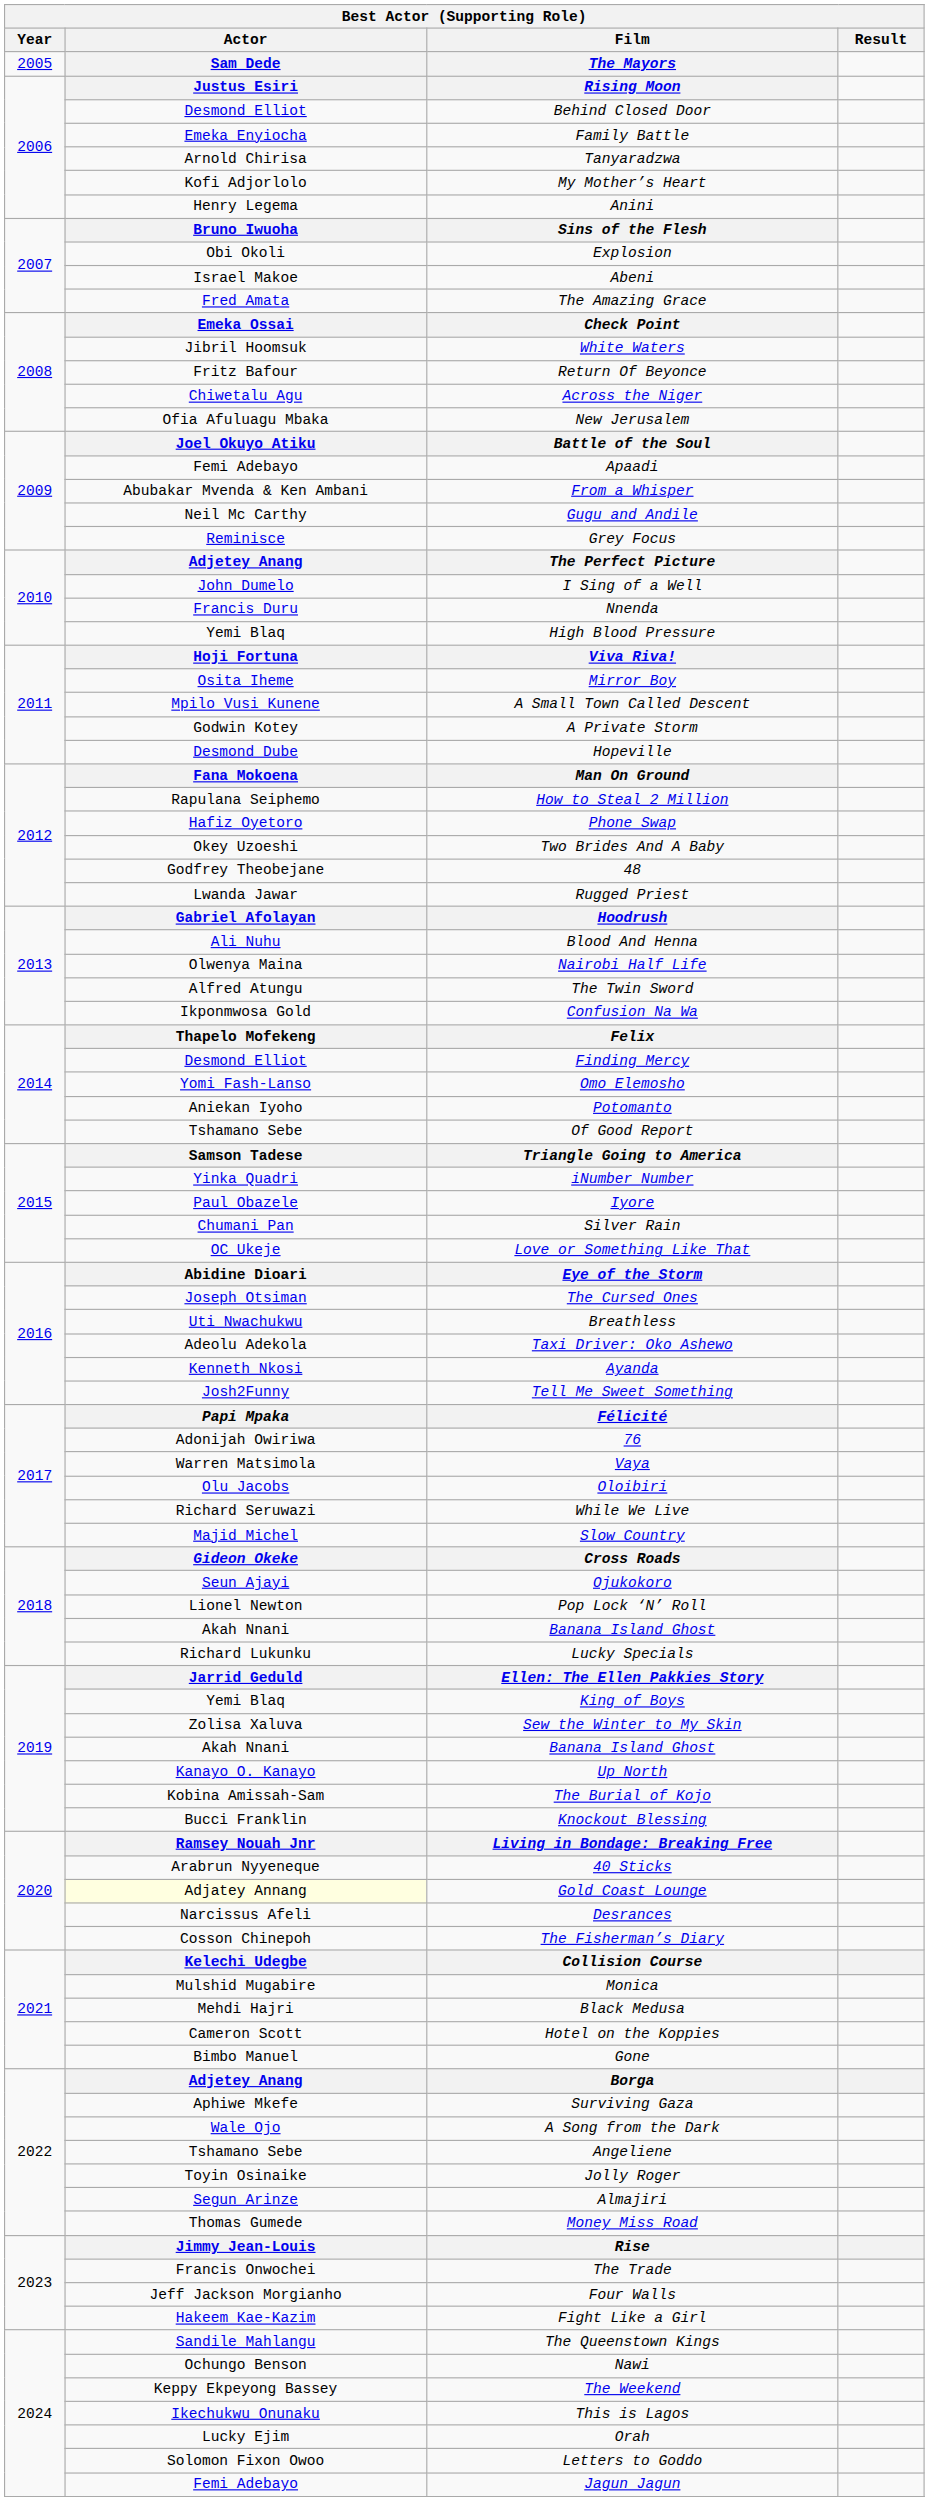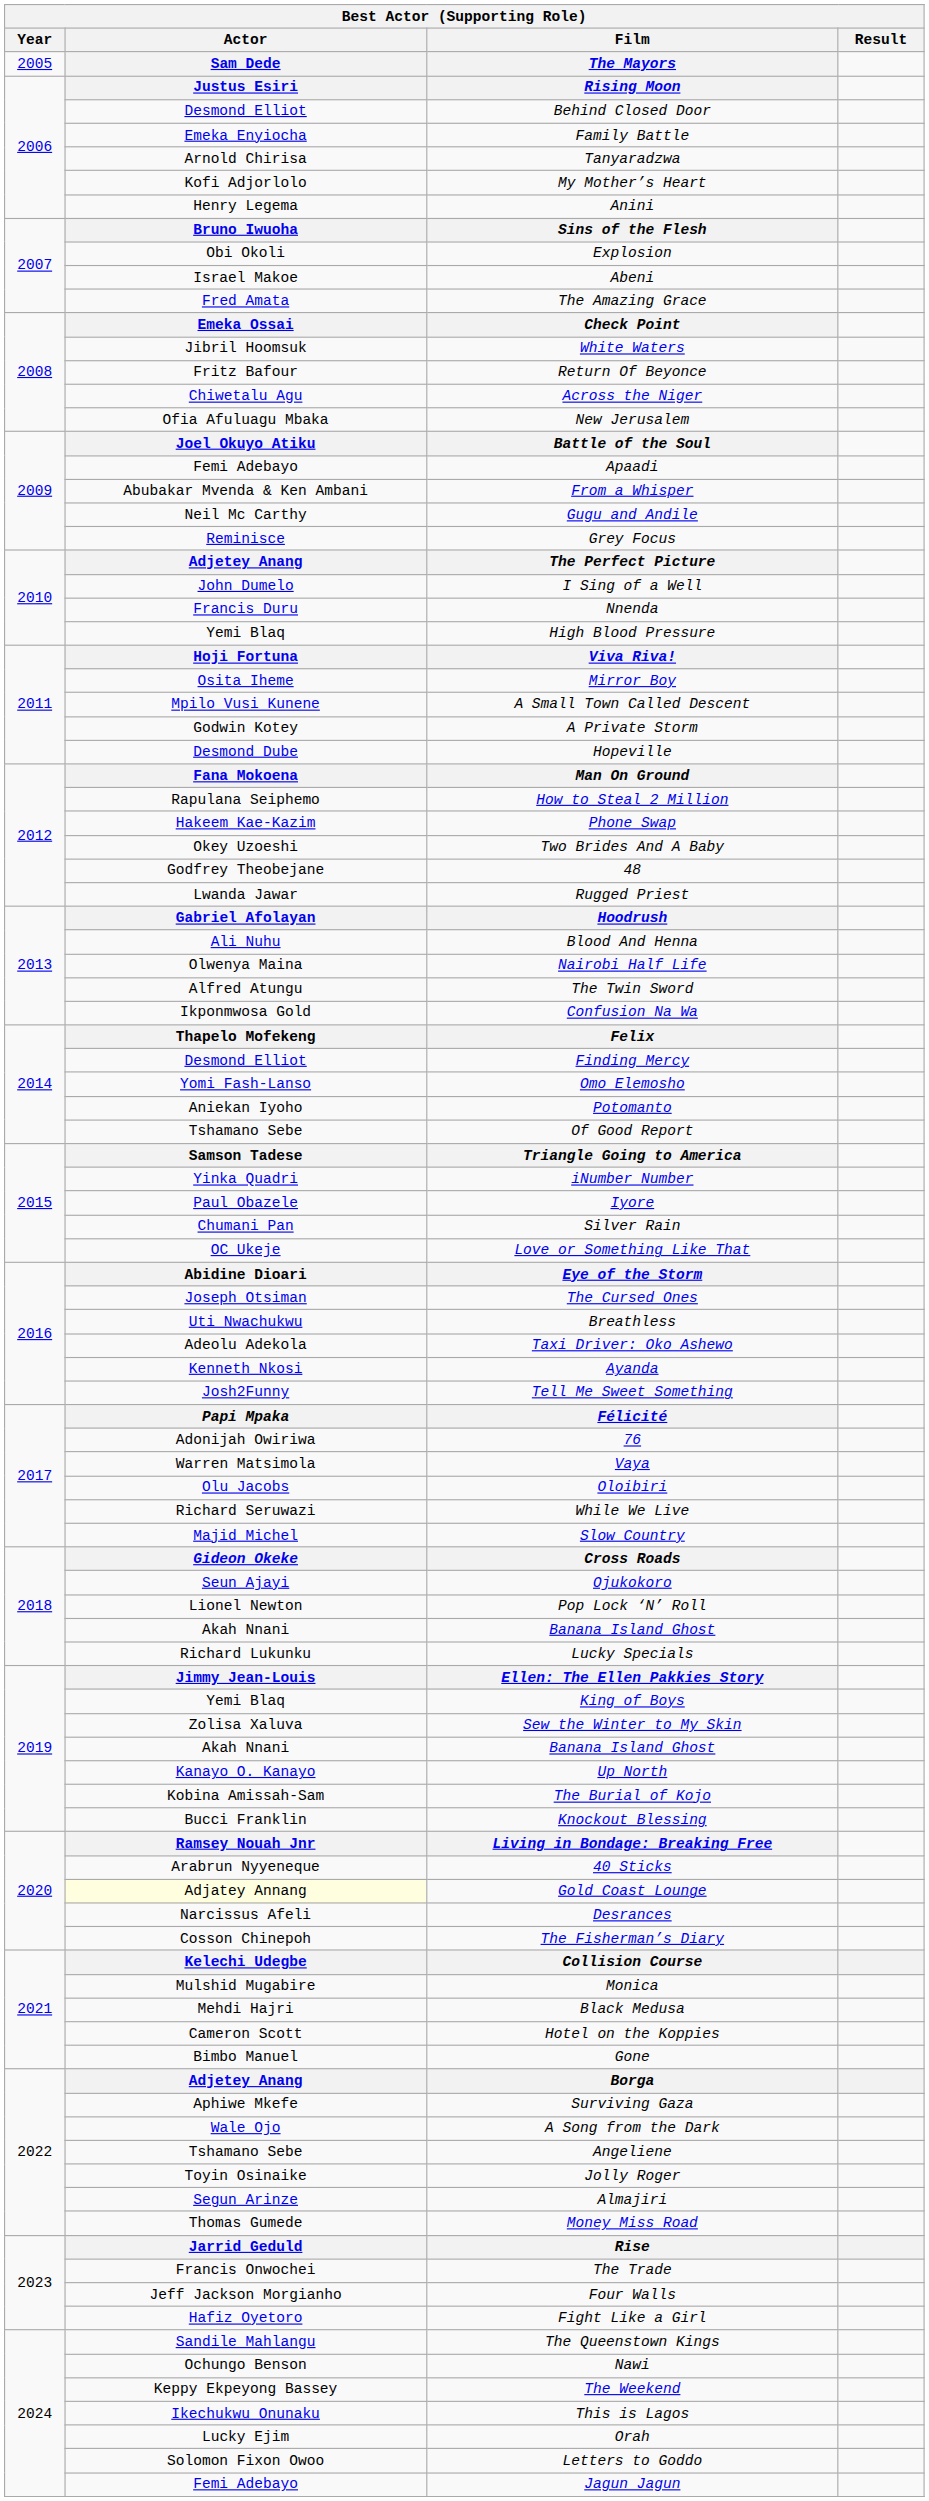 <table class=wikitable style="text-align:center" width="65%">
 <tr>
 <th colspan="4">Best Actor (Supporting Role)</th>
 </tr>
 <tr>
 <th>Year</th>
 <th>Actor</th>
 <th>Film</th>
 <th>Result</th>
 </tr>
 <tr>
 <td rowspan="1"><a href='#'>2005</a></td>
 <th><a href='#'>Sam Dede</a></th>
 <th><em><a href='#'>The Mayors</a></em></th>
 <td></td>
 </tr>
 <tr>
 <td rowspan="6"><a href='#'>2006</a></td>
 <th><a href='#'>Justus Esiri</a></th>
 <th><em><a href='#'>Rising Moon</a></em></th>
 <td></td>
 </tr>
 <tr>
 <td><a href='#'>Desmond Elliot</a></td>
 <td><em>Behind Closed Door</em></td>
 <td></td>
 </tr>
 <tr>
 <td><a href='#'>Emeka Enyiocha</a></td>
 <td><em>Family Battle</em></td>
 <td></td>
 </tr>
 <tr>
 <td>Arnold Chirisa</td>
 <td><em>Tanyaradzwa</em></td>
 <td></td>
 </tr>
 <tr>
 <td>Kofi Adjorlolo</td>
 <td><em>My Mother’s Heart</em></td>
 <td></td>
 </tr>
 <tr>
 <td>Henry Legema</td>
 <td><em>Anini</em></td>
 <td></td>
 </tr>
 <tr>
 <td rowspan="4"><a href='#'>2007</a></td>
 <th><a href='#'>Bruno Iwuoha</a></th>
 <th><em>Sins of the Flesh</em></th>
 <td></td>
 </tr>
 <tr>
 <td>Obi Okoli</td>
 <td><em>Explosion</em></td>
 <td></td>
 </tr>
 <tr>
 <td>Israel Makoe</td>
 <td><em>Abeni</em></td>
 <td></td>
 </tr>
 <tr>
 <td><a href='#'>Fred Amata</a></td>
 <td><em>The Amazing Grace</em></td>
 <td></td>
 </tr>
 <tr>
 <td rowspan="5"><a href='#'>2008</a></td>
 <th><a href='#'>Emeka Ossai</a></th>
 <th><em>Check Point</em></th>
 <td></td>
 </tr>
 <tr>
 <td>Jibril Hoomsuk</td>
 <td><em><a href='#'>White Waters</a></em></td>
 <td></td>
 </tr>
 <tr>
 <td>Fritz Bafour</td>
 <td><em>Return Of Beyonce</em></td>
 <td></td>
 </tr>
 <tr>
 <td><a href='#'>Chiwetalu Agu</a></td>
 <td><em><a href='#'>Across the Niger</a></em></td>
 <td></td>
 </tr>
 <tr>
 <td>Ofia Afuluagu Mbaka</td>
 <td><em>New Jerusalem</em></td>
 <td></td>
 </tr>
 <tr>
 <td rowspan="5"><a href='#'>2009</a></td>
 <th><a href='#'>Joel Okuyo Atiku</a></th>
 <th><em>Battle of the Soul</em></th>
 <td></td>
 </tr>
 <tr>
 <td>Femi Adebayo</td>
 <td><em>Apaadi</em></td>
 <td></td>
 </tr>
 <tr>
 <td>Abubakar Mvenda & Ken Ambani</td>
 <td><em><a href='#'>From a Whisper</a></em></td>
 <td></td>
 </tr>
 <tr>
 <td>Neil Mc Carthy</td>
 <td><em><a href='#'>Gugu and Andile</a></em></td>
 <td></td>
 </tr>
 <tr>
 <td><a href='#'>Reminisce</a></td>
 <td><em>Grey Focus</em></td>
 <td></td>
 </tr>
 <tr>
 <td rowspan="4"><a href='#'>2010</a></td>
 <th><a href='#'>Adjetey Anang</a></th>
 <th><em>The Perfect Picture</em></th>
 <td></td>
 </tr>
 <tr>
 <td><a href='#'>John Dumelo</a></td>
 <td><em>I Sing of a Well</em></td>
 <td></td>
 </tr>
 <tr>
 <td><a href='#'>Francis Duru</a></td>
 <td><em>Nnenda</em></td>
 <td></td>
 </tr>
 <tr>
 <td>Yemi Blaq</td>
 <td><em>High Blood Pressure</em></td>
 <td></td>
 </tr>
 <tr>
 <td rowspan="5"><a href='#'>2011</a></td>
 <th><a href='#'>Hoji Fortuna</a></th>
 <th><em><a href='#'>Viva Riva!</a></em></th>
 <td></td>
 </tr>
 <tr>
 <td><a href='#'>Osita Iheme</a></td>
 <td><em><a href='#'>Mirror Boy</a></em></td>
 <td></td>
 </tr>
 <tr>
 <td><a href='#'>Mpilo Vusi Kunene</a></td>
 <td><em>A Small Town Called Descent</em></td>
 <td></td>
 </tr>
 <tr>
 <td>Godwin Kotey</td>
 <td><em>A Private Storm</em></td>
 <td></td>
 </tr>
 <tr>
 <td><a href='#'>Desmond Dube</a></td>
 <td><em>Hopeville</em></td>
 <td></td>
 </tr>
 <tr>
 <td rowspan="6"><a href='#'>2012</a></td>
 <th><a href='#'>Fana Mokoena</a></th>
 <th><em>Man On Ground</em></th>
 <td></td>
 </tr>
 <tr>
 <td>Rapulana Seiphemo</td>
 <td><em><a href='#'>How to Steal 2 Million</a></em></td>
 <td></td>
 </tr>
 <tr>
-<td><a href='#'>Hafiz Oyetoro</a></td>
+<td><a href='#'>Hakeem Kae-Kazim</a></td>
 <td><em><a href='#'>Phone Swap</a></em></td>
 <td></td>
 </tr>
 <tr>
 <td>Okey Uzoeshi</td>
 <td><em>Two Brides And A Baby</em></td>
 <td></td>
 </tr>
 <tr>
 <td>Godfrey Theobejane</td>
 <td><em>48</em></td>
 <td></td>
 </tr>
 <tr>
 <td>Lwanda Jawar</td>
 <td><em>Rugged Priest</em></td>
 <td></td>
 </tr>
 <tr>
 <td rowspan="5"><a href='#'>2013</a></td>
 <th><a href='#'>Gabriel Afolayan</a></th>
 <th><em><a href='#'>Hoodrush</a></em></th>
 <td></td>
 </tr>
 <tr>
 <td><a href='#'>Ali Nuhu</a></td>
 <td><em>Blood And Henna</em></td>
 <td></td>
 </tr>
 <tr>
 <td>Olwenya Maina</td>
 <td><em><a href='#'>Nairobi Half Life</a></em></td>
 <td></td>
 </tr>
 <tr>
 <td>Alfred Atungu</td>
 <td><em>The Twin Sword</em></td>
 <td></td>
 </tr>
 <tr>
 <td>Ikponmwosa Gold</td>
 <td><em><a href='#'>Confusion Na Wa</a></em></td>
 <td></td>
 </tr>
 <tr>
 <td rowspan="5"><a href='#'>2014</a></td>
 <th>Thapelo Mofekeng</th>
 <th><em>Felix</em></th>
 <td></td>
 </tr>
 <tr>
 <td><a href='#'>Desmond Elliot</a></td>
 <td><em><a href='#'>Finding Mercy</a></em></td>
 <td></td>
 </tr>
 <tr>
 <td><a href='#'>Yomi Fash-Lanso</a></td>
 <td><em><a href='#'>Omo Elemosho</a></em></td>
 <td></td>
 </tr>
 <tr>
 <td>Aniekan Iyoho</td>
 <td><em><a href='#'>Potomanto</a></em></td>
 <td></td>
 </tr>
 <tr>
 <td>Tshamano Sebe</td>
 <td><em>Of Good Report</em></td>
 <td></td>
 </tr>
 <tr>
 <td rowspan="5"><a href='#'>2015</a></td>
 <th>Samson Tadese</th>
 <th><em>Triangle Going to America</em></th>
 <td></td>
 </tr>
 <tr>
 <td><a href='#'>Yinka Quadri</a></td>
 <td><em><a href='#'>iNumber Number</a></em></td>
 <td></td>
 </tr>
 <tr>
 <td><a href='#'>Paul Obazele</a></td>
 <td><em><a href='#'>Iyore</a></em></td>
 <td></td>
 </tr>
 <tr>
 <td><a href='#'>Chumani Pan</a></td>
 <td><em>Silver Rain</em></td>
 <td></td>
 </tr>
 <tr>
 <td><a href='#'>OC Ukeje</a></td>
 <td><em><a href='#'>Love or Something Like That</a></em></td>
 <td></td>
 </tr>
 <tr>
 <td rowspan="6"><a href='#'>2016</a></td>
 <th>Abidine Dioari</th>
 <th><em><a href='#'>Eye of the Storm</a></em></th>
 <td></td>
 </tr>
 <tr>
 <td><a href='#'>Joseph Otsiman</a></td>
 <td><em><a href='#'>The Cursed Ones</a></em></td>
 <td></td>
 </tr>
 <tr>
 <td><a href='#'>Uti Nwachukwu</a></td>
 <td><em>Breathless</em></td>
 <td></td>
 </tr>
 <tr>
 <td>Adeolu Adekola</td>
 <td><em><a href='#'>Taxi Driver: Oko Ashewo</a></em></td>
 <td></td>
 </tr>
 <tr>
 <td><a href='#'>Kenneth Nkosi</a></td>
 <td><em><a href='#'>Ayanda</a></em></td>
 <td></td>
 </tr>
 <tr>
 <td><a href='#'>Josh2Funny</a></td>
 <td><em><a href='#'>Tell Me Sweet Something</a></em></td>
 <td></td>
 </tr>
 <tr>
 <td rowspan="6"><a href='#'>2017</a></td>
 <th><strong><em>Papi Mpaka</em></strong></th>
 <th><em><a href='#'>Félicité</a></em></th>
 <td></td>
 </tr>
 <tr>
 <td>Adonijah Owiriwa</td>
 <td><em><a href='#'>76</a></em></td>
 <td></td>
 </tr>
 <tr>
 <td>Warren Matsimola</td>
 <td><a href='#'><em>Vaya</em></a></td>
 <td></td>
 </tr>
 <tr>
 <td><a href='#'>Olu Jacobs</a></td>
 <td><em><a href='#'>Oloibiri</a></em></td>
 <td></td>
 </tr>
 <tr>
 <td>Richard Seruwazi</td>
 <td><em>While We Live</em></td>
 <td></td>
 </tr>
 <tr>
 <td><a href='#'>Majid Michel</a></td>
 <td><em><a href='#'>Slow Country</a></em></td>
 <td></td>
 </tr>
 <tr>
 <td rowspan="5"><a href='#'>2018</a></td>
 <th><strong><em><a href='#'>Gideon Okeke</a></em></strong></th>
 <th><em>Cross Roads</em></th>
 <td></td>
 </tr>
 <tr>
 <td><a href='#'>Seun Ajayi</a></td>
 <td><em><a href='#'>Ojukokoro</a></em></td>
 <td></td>
 </tr>
 <tr>
 <td>Lionel Newton</td>
 <td><em>Pop Lock ‘N’ Roll</em></td>
 <td></td>
 </tr>
 <tr>
 <td>Akah Nnani</td>
 <td><em><a href='#'>Banana Island Ghost</a></em></td>
 <td></td>
 </tr>
 <tr>
 <td>Richard Lukunku</td>
 <td><em>Lucky Specials</em></td>
 <td></td>
 </tr>
 <tr>
 <td rowspan="7"><a href='#'>2019</a></td>
-<th><strong><a href='#'>Jarrid Geduld</a></strong></th>
+<th><strong><a href='#'>Jimmy Jean-Louis</a></strong></th>
 <th><strong><em><a href='#'>Ellen: The Ellen Pakkies Story</a></em></strong></th>
 <td></td>
 </tr>
 <tr>
 <td>Yemi Blaq</td>
 <td><em><a href='#'>King of Boys</a></em></td>
 <td></td>
 </tr>
 <tr>
 <td>Zolisa Xaluva</td>
 <td><em><a href='#'>Sew the Winter to My Skin</a></em></td>
 <td></td>
 </tr>
 <tr>
 <td>Akah Nnani</td>
 <td><em><a href='#'>Banana Island Ghost</a></em></td>
 <td></td>
 </tr>
 <tr>
 <td><a href='#'>Kanayo O. Kanayo</a></td>
 <td><em><a href='#'>Up North</a></em></td>
 <td></td>
 </tr>
 <tr>
 <td>Kobina Amissah-Sam</td>
 <td><em><a href='#'>The Burial of Kojo</a></em></td>
 <td></td>
 </tr>
 <tr>
 <td>Bucci Franklin</td>
 <td><em><a href='#'>Knockout Blessing</a></em></td>
 <td></td>
 </tr>
 <tr>
 <td rowspan="5"><a href='#'>2020</a></td>
 <th><strong><a href='#'>Ramsey Nouah Jnr</a></strong></th>
 <th><strong><em><a href='#'>Living in Bondage: Breaking Free</a></em></strong></th>
 <td></td>
 </tr>
 <tr>
 <td>Arabrun Nyyeneque</td>
 <td><em><a href='#'>40 Sticks</a></em></td>
 <td></td>
 </tr>
 <tr>
 <td style="background: lightyellow;">Adjatey Annang</td>
 <td><em><a href='#'>Gold Coast Lounge</a></em></td>
 <td></td>
 </tr>
 <tr>
 <td>Narcissus Afeli</td>
 <td><em><a href='#'>Desrances</a></em></td>
 <td></td>
 </tr>
 <tr>
 <td>Cosson Chinepoh</td>
 <td><em><a href='#'>The Fisherman’s Diary</a></em></td>
 <td></td>
 </tr>
 <tr>
 <td rowspan="5"><a href='#'>2021</a></td>
 <th><a href='#'>Kelechi Udegbe</a></th>
 <th><em>Collision Course</em></th>
 <th></th>
 </tr>
 <tr>
 <td>Mulshid Mugabire</td>
 <td><em>Monica</em></td>
 <td></td>
 </tr>
 <tr>
 <td>Mehdi Hajri</td>
 <td><em>Black Medusa</em></td>
 <td></td>
 </tr>
 <tr>
 <td>Cameron Scott</td>
 <td><em>Hotel on the Koppies</em></td>
 <td></td>
 </tr>
 <tr>
 <td>Bimbo Manuel</td>
 <td><em>Gone</em></td>
 <td></td>
 </tr>
 <tr>
 <td rowspan="7">2022</td>
 <th><strong><a href='#'>Adjetey Anang</a></strong></th>
 <th><em>Borga</em></th>
 <th></th>
 </tr>
 <tr>
 <td>Aphiwe Mkefe</td>
 <td><em>Surviving Gaza</em></td>
 <td></td>
 </tr>
 <tr>
 <td><a href='#'>Wale Ojo</a></td>
 <td><em>A Song from the Dark</em></td>
 <td></td>
 </tr>
 <tr>
 <td>Tshamano Sebe</td>
 <td><em>Angeliene</em></td>
 <td></td>
 </tr>
 <tr>
 <td>Toyin Osinaike</td>
 <td><em>Jolly Roger</em></td>
 <td></td>
 </tr>
 <tr>
 <td><a href='#'>Segun Arinze</a></td>
 <td><em>Almajiri</em></td>
 <td></td>
 </tr>
 <tr>
 <td>Thomas Gumede</td>
 <td><em><a href='#'>Money Miss Road</a></em></td>
 <td></td>
 </tr>
 <tr>
 <td rowspan="4">2023</td>
-<th><strong><a href='#'>Jimmy Jean-Louis</a></strong></th>
+<th><strong><a href='#'>Jarrid Geduld</a></strong></th>
 <th><em>Rise</em></th>
 <th></th>
 </tr>
 <tr>
 <td>Francis Onwochei</td>
 <td><em>The Trade</em></td>
 <td></td>
 </tr>
 <tr>
 <td>Jeff Jackson Morgianho</td>
 <td><em>Four Walls</em></td>
 <td></td>
 </tr>
 <tr>
-<td><a href='#'>Hakeem Kae-Kazim</a></td>
+<td><a href='#'>Hafiz Oyetoro</a></td>
 <td><em>Fight Like a Girl</em></td>
 <td></td>
 </tr>
 <tr>
 <td rowspan="7">2024</td>
 <td><a href='#'>Sandile Mahlangu</a></td>
 <td><em>The Queenstown Kings</em></td>
 <td></td>
 </tr>
 <tr>
 <td>Ochungo Benson</td>
 <td><em>Nawi</em></td>
 <td></td>
 </tr>
 <tr>
 <td>Keppy Ekpeyong Bassey</td>
 <td><em><a href='#'>The Weekend</a></em></td>
 <td></td>
 </tr>
 <tr>
 <td><a href='#'>Ikechukwu Onunaku</a></td>
 <td><em>This is Lagos</em></td>
 <td></td>
 </tr>
 <tr>
 <td>Lucky Ejim</td>
 <td><em>Orah</em></td>
 <td></td>
 </tr>
 <tr>
 <td>Solomon Fixon Owoo</td>
 <td><em>Letters to Goddo</em></td>
 <td></td>
 </tr>
 <tr>
 <td><a href='#'>Femi Adebayo</a></td>
 <td><em><a href='#'>Jagun Jagun</a></em></td>
 <td></td>
 </tr>
 <tr>
 </tr>
 </table>
